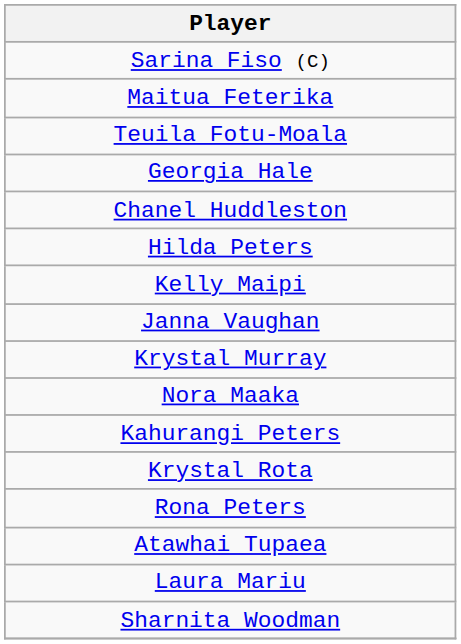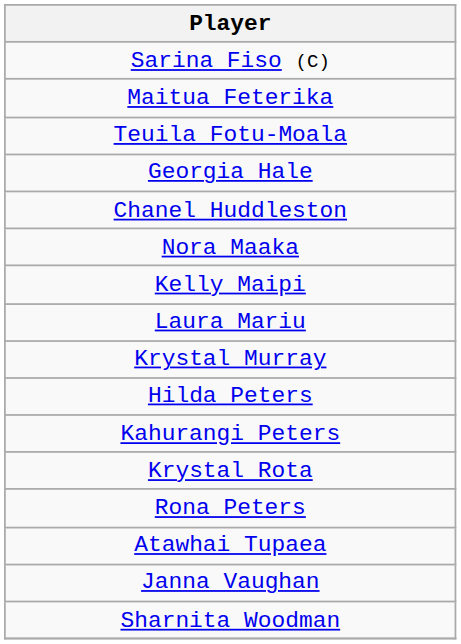 <table class="wikitable" style="text-align: center;">
 <tr>
 <th style="width:250px;">Player</th>
 </tr>
 <tr>
 <td><a href='#'>Sarina Fiso</a> <small>(C)</small></td>
 </tr>
 <tr>
 <td><a href='#'>Maitua Feterika</a></td>
 </tr>
 <tr>
 <td><a href='#'>Teuila Fotu-Moala</a></td>
 </tr>
 <tr>
 <td><a href='#'>Georgia Hale</a></td>
 </tr>
 <tr>
 <td><a href='#'>Chanel Huddleston</a></td>
 </tr>
 <tr>
-<td><a href='#'>Hilda Peters</a></td>
+<td><a href='#'>Nora Maaka</a></td>
 </tr>
 <tr>
 <td><a href='#'>Kelly Maipi</a></td>
 </tr>
 <tr>
-<td><a href='#'>Janna Vaughan</a></td>
+<td><a href='#'>Laura Mariu</a></td>
 </tr>
 <tr>
 <td><a href='#'>Krystal Murray</a></td>
 </tr>
 <tr>
-<td><a href='#'>Nora Maaka</a></td>
+<td><a href='#'>Hilda Peters</a></td>
 </tr>
 <tr>
 <td><a href='#'>Kahurangi Peters</a></td>
 </tr>
 <tr>
 <td><a href='#'>Krystal Rota</a></td>
 </tr>
 <tr>
 <td><a href='#'>Rona Peters</a></td>
 </tr>
 <tr>
 <td><a href='#'>Atawhai Tupaea</a></td>
 </tr>
 <tr>
-<td><a href='#'>Laura Mariu</a></td>
+<td><a href='#'>Janna Vaughan</a></td>
 </tr>
 <tr>
 <td><a href='#'>Sharnita Woodman</a></td>
 </tr>
 <tr>
 </tr>
 </table>
